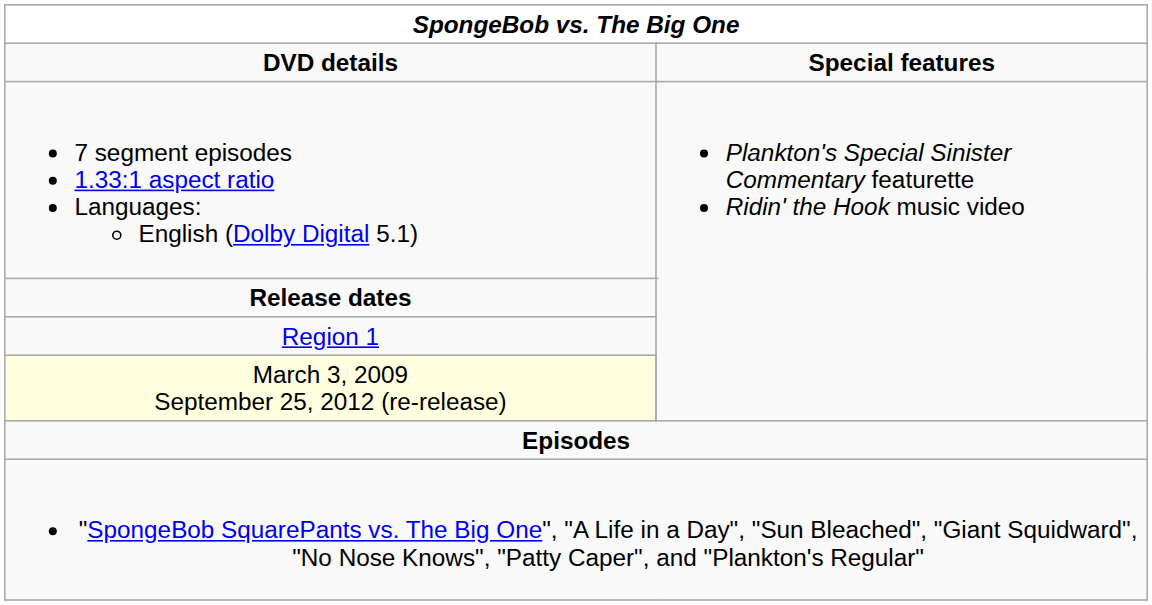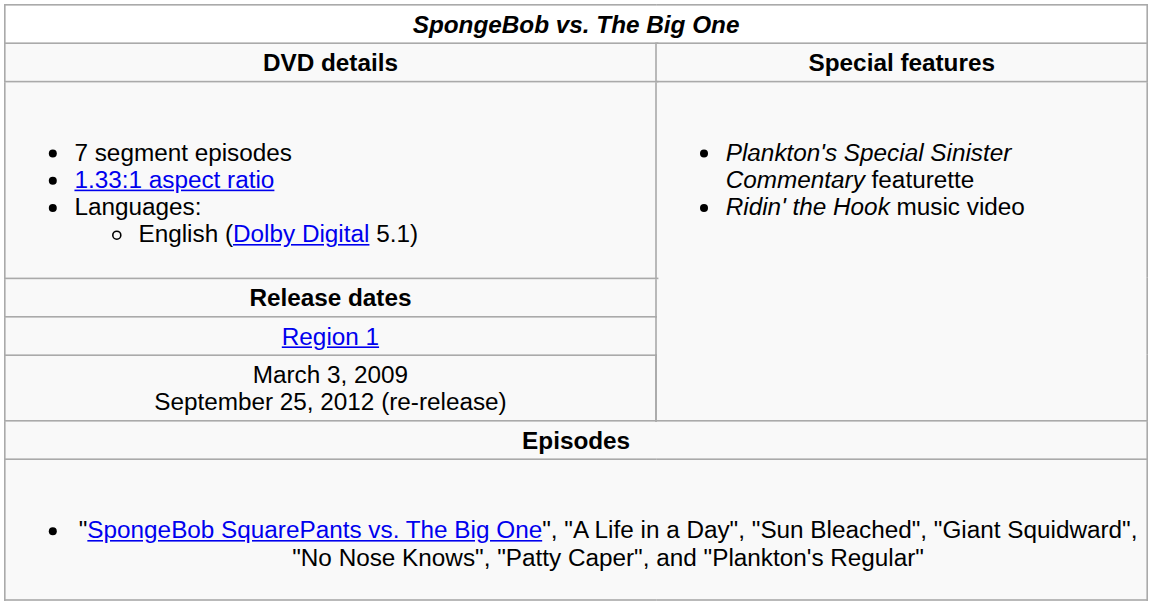 <table class="wikitable" style="font-size: 95%;">
 <tr style="background:#FFF; color:#000;">
 <td colspan="4" align="center"><strong><em>SpongeBob vs. The Big One</em></strong></td>
 </tr>
 <tr valign="top">
 <td style="text-align:center; width:400px;" colspan="3"><strong>DVD details</strong></td>
 <td style="width:300px; text-align:center;"><strong>Special features</strong></td>
 </tr>
 <tr valign="top">
 <td colspan="3" style="text-align:left; width:400px;"><br><ul><li>7 segment episodes</li><li><a href='#'>1.33:1 aspect ratio</a></li><li>Languages:<ul><li>English (<a href='#'>Dolby Digital</a> 5.1)</li></ul></li></ul></td>
 <td rowspan="4" style="text-align:left; width:300px;"><br><ul><li><em>Plankton's Special Sinister Commentary</em> featurette</li><li><em>Ridin' the Hook</em> music video</li></ul></td>
 </tr>
 <tr>
 <td colspan="3" style="text-align:center;"><strong>Release dates</strong></td>
 </tr>
 <tr>
 <td colspan="3" style="text-align:center;"><a href='#'>Region 1</a></td>
 </tr>
 <tr style="text-align:center;">
-<td style="background: lightyellow;">March 3, 2009<br>September 25, 2012 (re-release)</td>
+<td>March 3, 2009<br>September 25, 2012 (re-release)</td>
 </tr>
 <tr>
 <td style="text-align:center; width:400px;" colspan="4"><strong>Episodes</strong></td>
 </tr>
 <tr>
 <td style="text-align:center; width:400px;" colspan="4"><br><ul><li>"<a href='#'>SpongeBob SquarePants vs. The Big One</a>", "A Life in a Day", "Sun Bleached", "Giant Squidward", "No Nose Knows", "Patty Caper", and "Plankton's Regular"</li></ul></td>
 </tr>
 </table>
